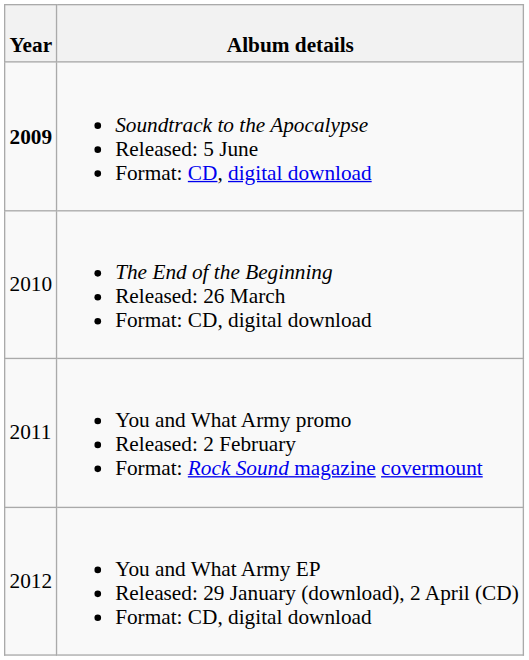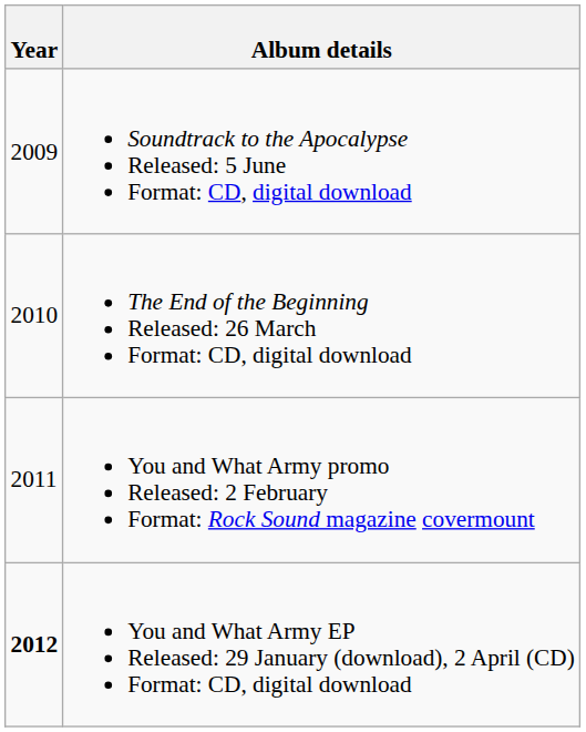 <table class="wikitable">
 <tr>
 <th><br>Year<br></th>
 <th><br>Album details<br></th>
 </tr>
 <tr>
-<td><strong>2009</strong></td>
+<td>2009</td>
 <td><br><ul><li><em>Soundtrack to the Apocalypse</em></li><li>Released: 5 June</li><li>Format: <a href='#'>CD</a>, <a href='#'>digital download</a></li></ul></td>
 </tr>
 <tr>
 <td>2010</td>
 <td><br><ul><li><em>The End of the Beginning</em></li><li>Released: 26 March</li><li>Format: CD, digital download</li></ul></td>
 </tr>
 <tr>
 <td>2011</td>
 <td><br><ul><li>You and What Army promo</li><li>Released: 2 February</li><li>Format: <a href='#'><em>Rock Sound</em> magazine</a> <a href='#'>covermount</a></li></ul></td>
 </tr>
 <tr>
-<td>2012</td>
+<td><strong>2012</strong></td>
 <td><br><ul><li>You and What Army EP</li><li>Released: 29 January (download), 2 April (CD)</li><li>Format: CD, digital download</li></ul></td>
 </tr>
 </table>
